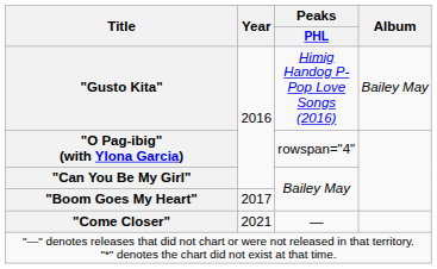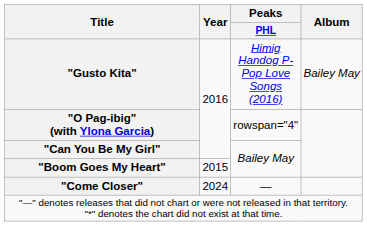 <table class="wikitable plainrowheaders" style="text-align:center;">
 <tr>
 <th scope="col" rowspan="2" style="width:16.5em;">Title</th>
 <th scope="col" rowspan="2" style="width:1em;">Year</th>
 <th scope="col" colspan="1">Peaks</th>
 <th scope="col" rowspan="2">Album</th>
 </tr>
 <tr>
 <th scope="col" style="width:3em;font-size:90%;"><a href='#'>PHL</a></th>
 </tr>
 <tr>
 <th scope="row">"Gusto Kita"</th>
 <td rowspan=3>2016</td>
 <td><em><a href='#'>Himig Handog P-Pop Love Songs (2016)</a></em></td>
 <td><em>Bailey May</em></td>
 </tr>
 <tr>
 <th scope="row">"O Pag-ibig"<br><span>(with <a href='#'>Ylona Garcia</a>)</span></th>
 <td>rowspan="4" </td>
 </tr>
 <tr>
 <th scope="row">"Can You Be My Girl"</th>
 <td rowspan=2><em>Bailey May</em></td>
 </tr>
 <tr>
 <th scope="row">"Boom Goes My Heart"</th>
-<td>2017</td>
+<td>2015</td>
 </tr>
 <tr>
 <th scope="row">"Come Closer"</th>
-<td>2021</td>
+<td>2024</td>
 <td>—</td>
 <td></td>
 </tr>
 <tr>
 <td colspan="7" style="font-size:85%">"—" denotes releases that did not chart or were not released in that territory.<br>"*" denotes the chart did not exist at that time.</td>
 </tr>
 </table>
